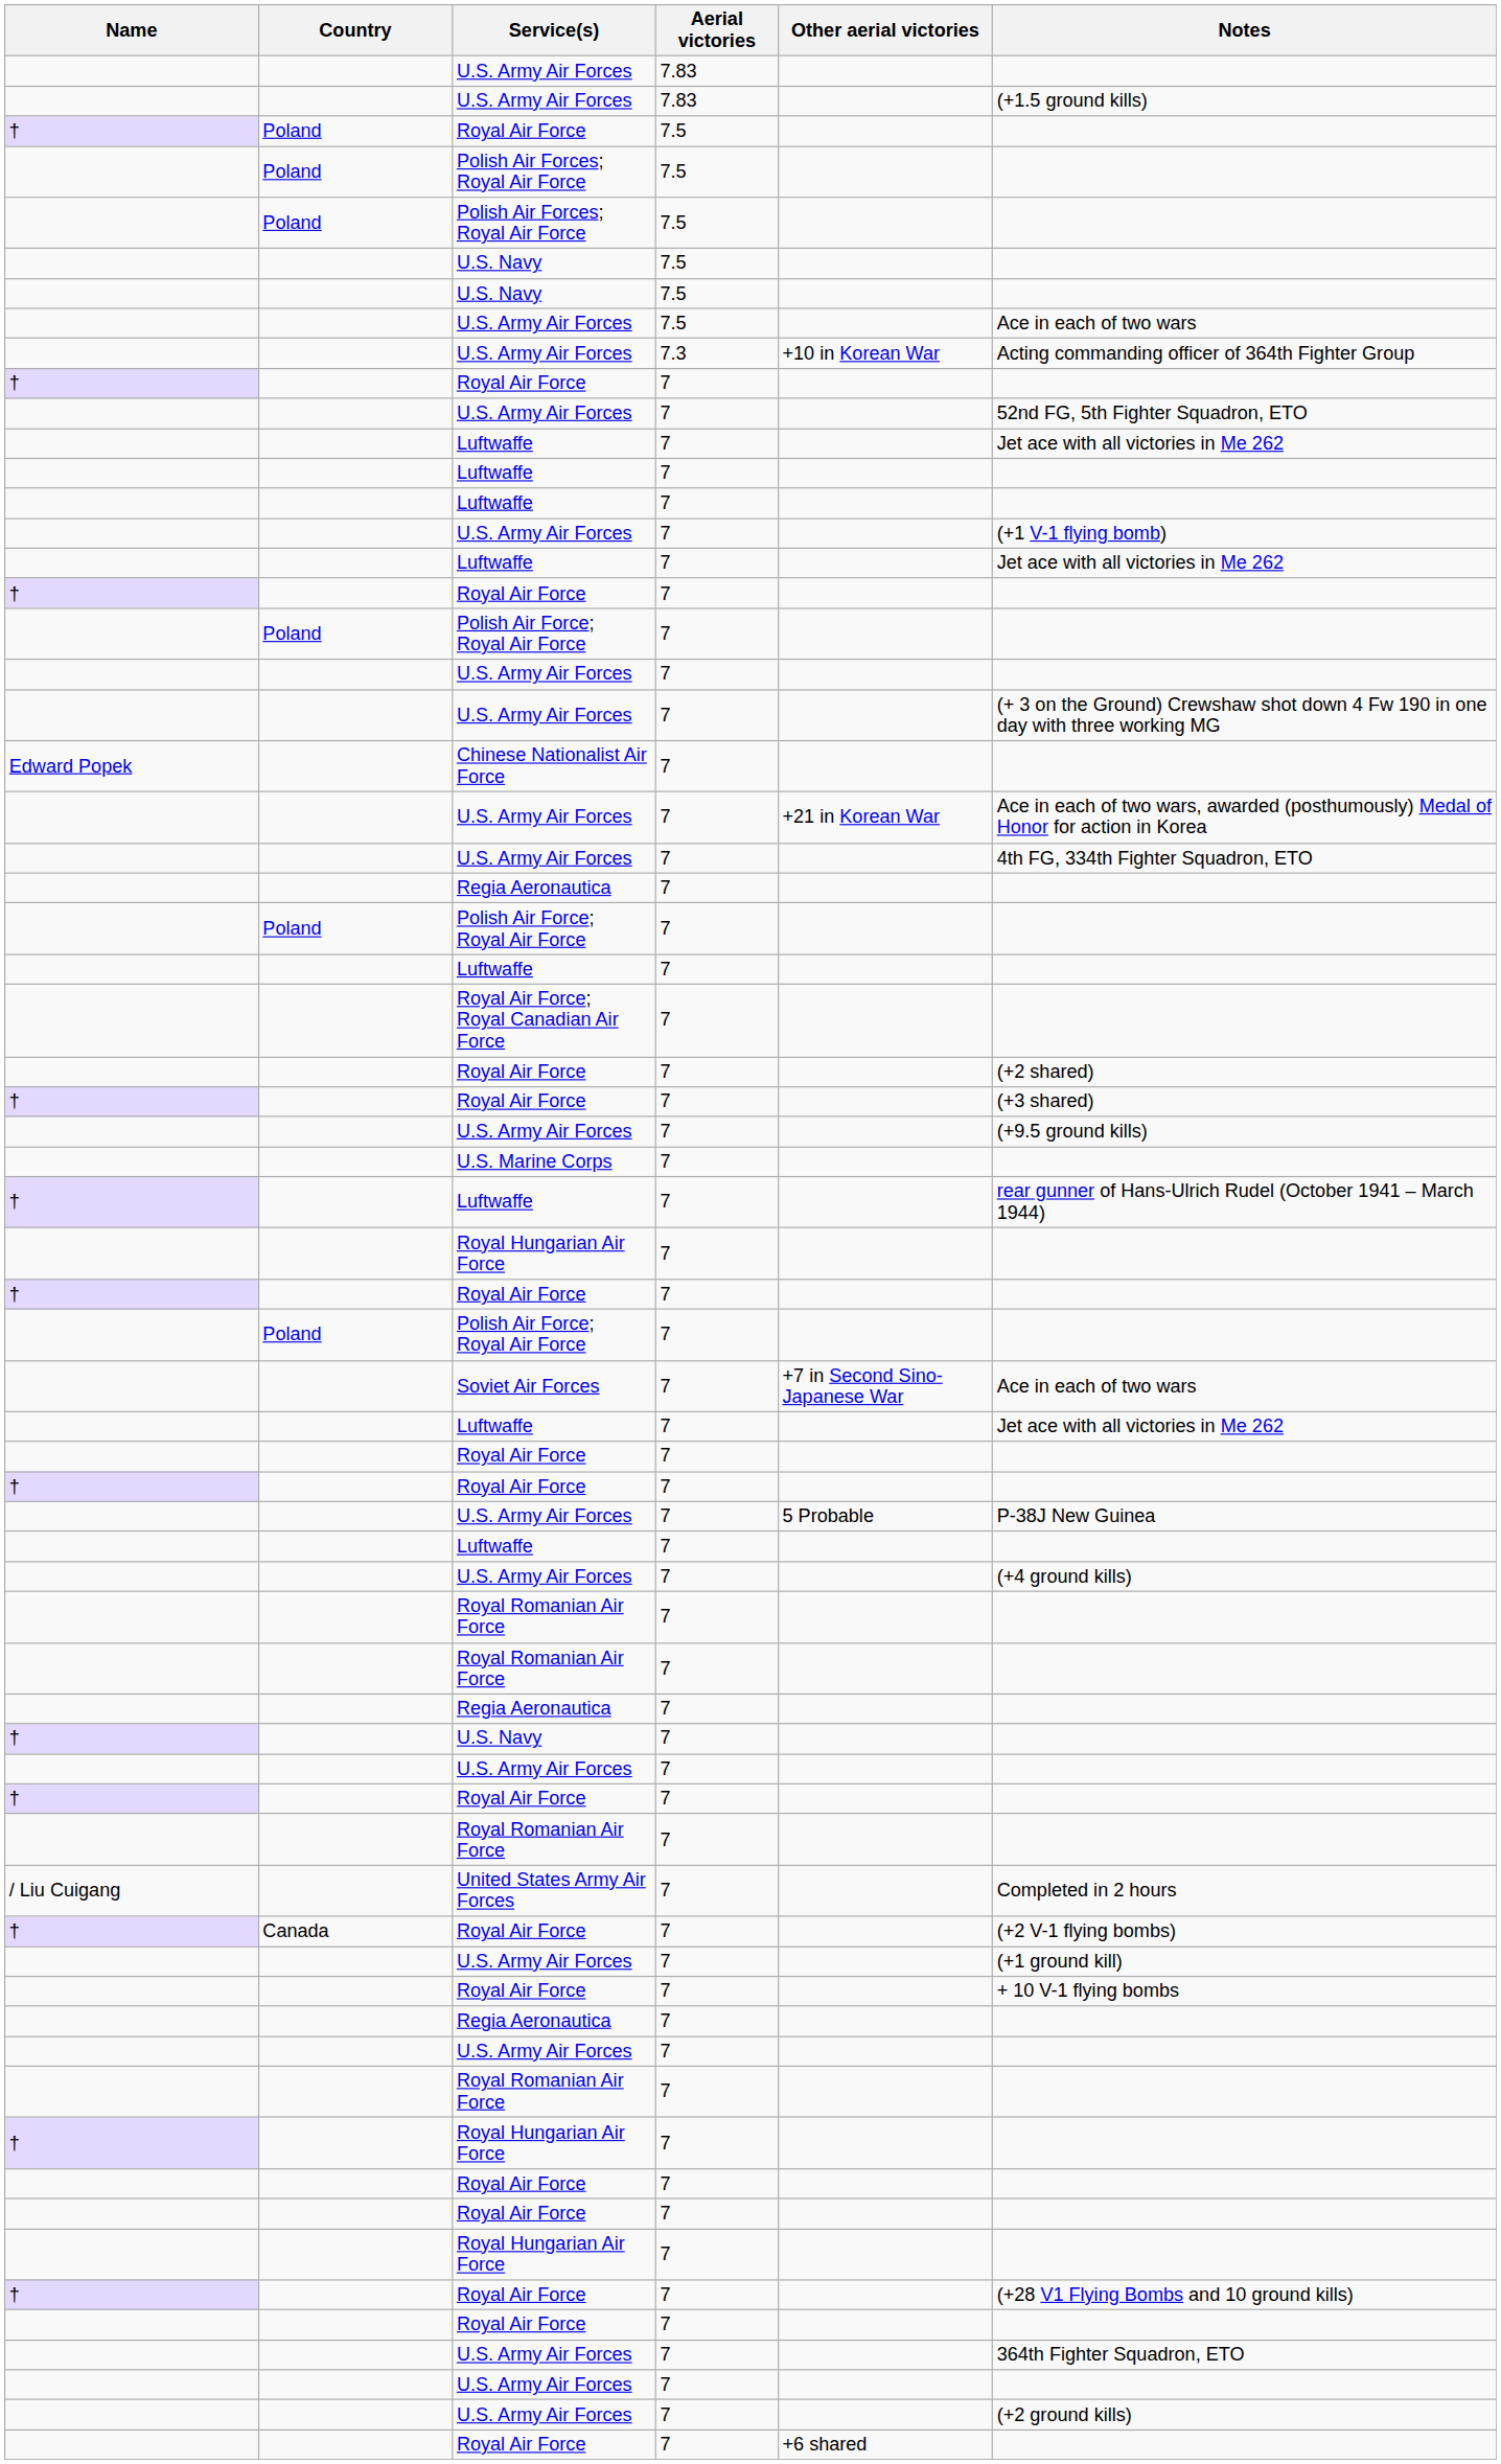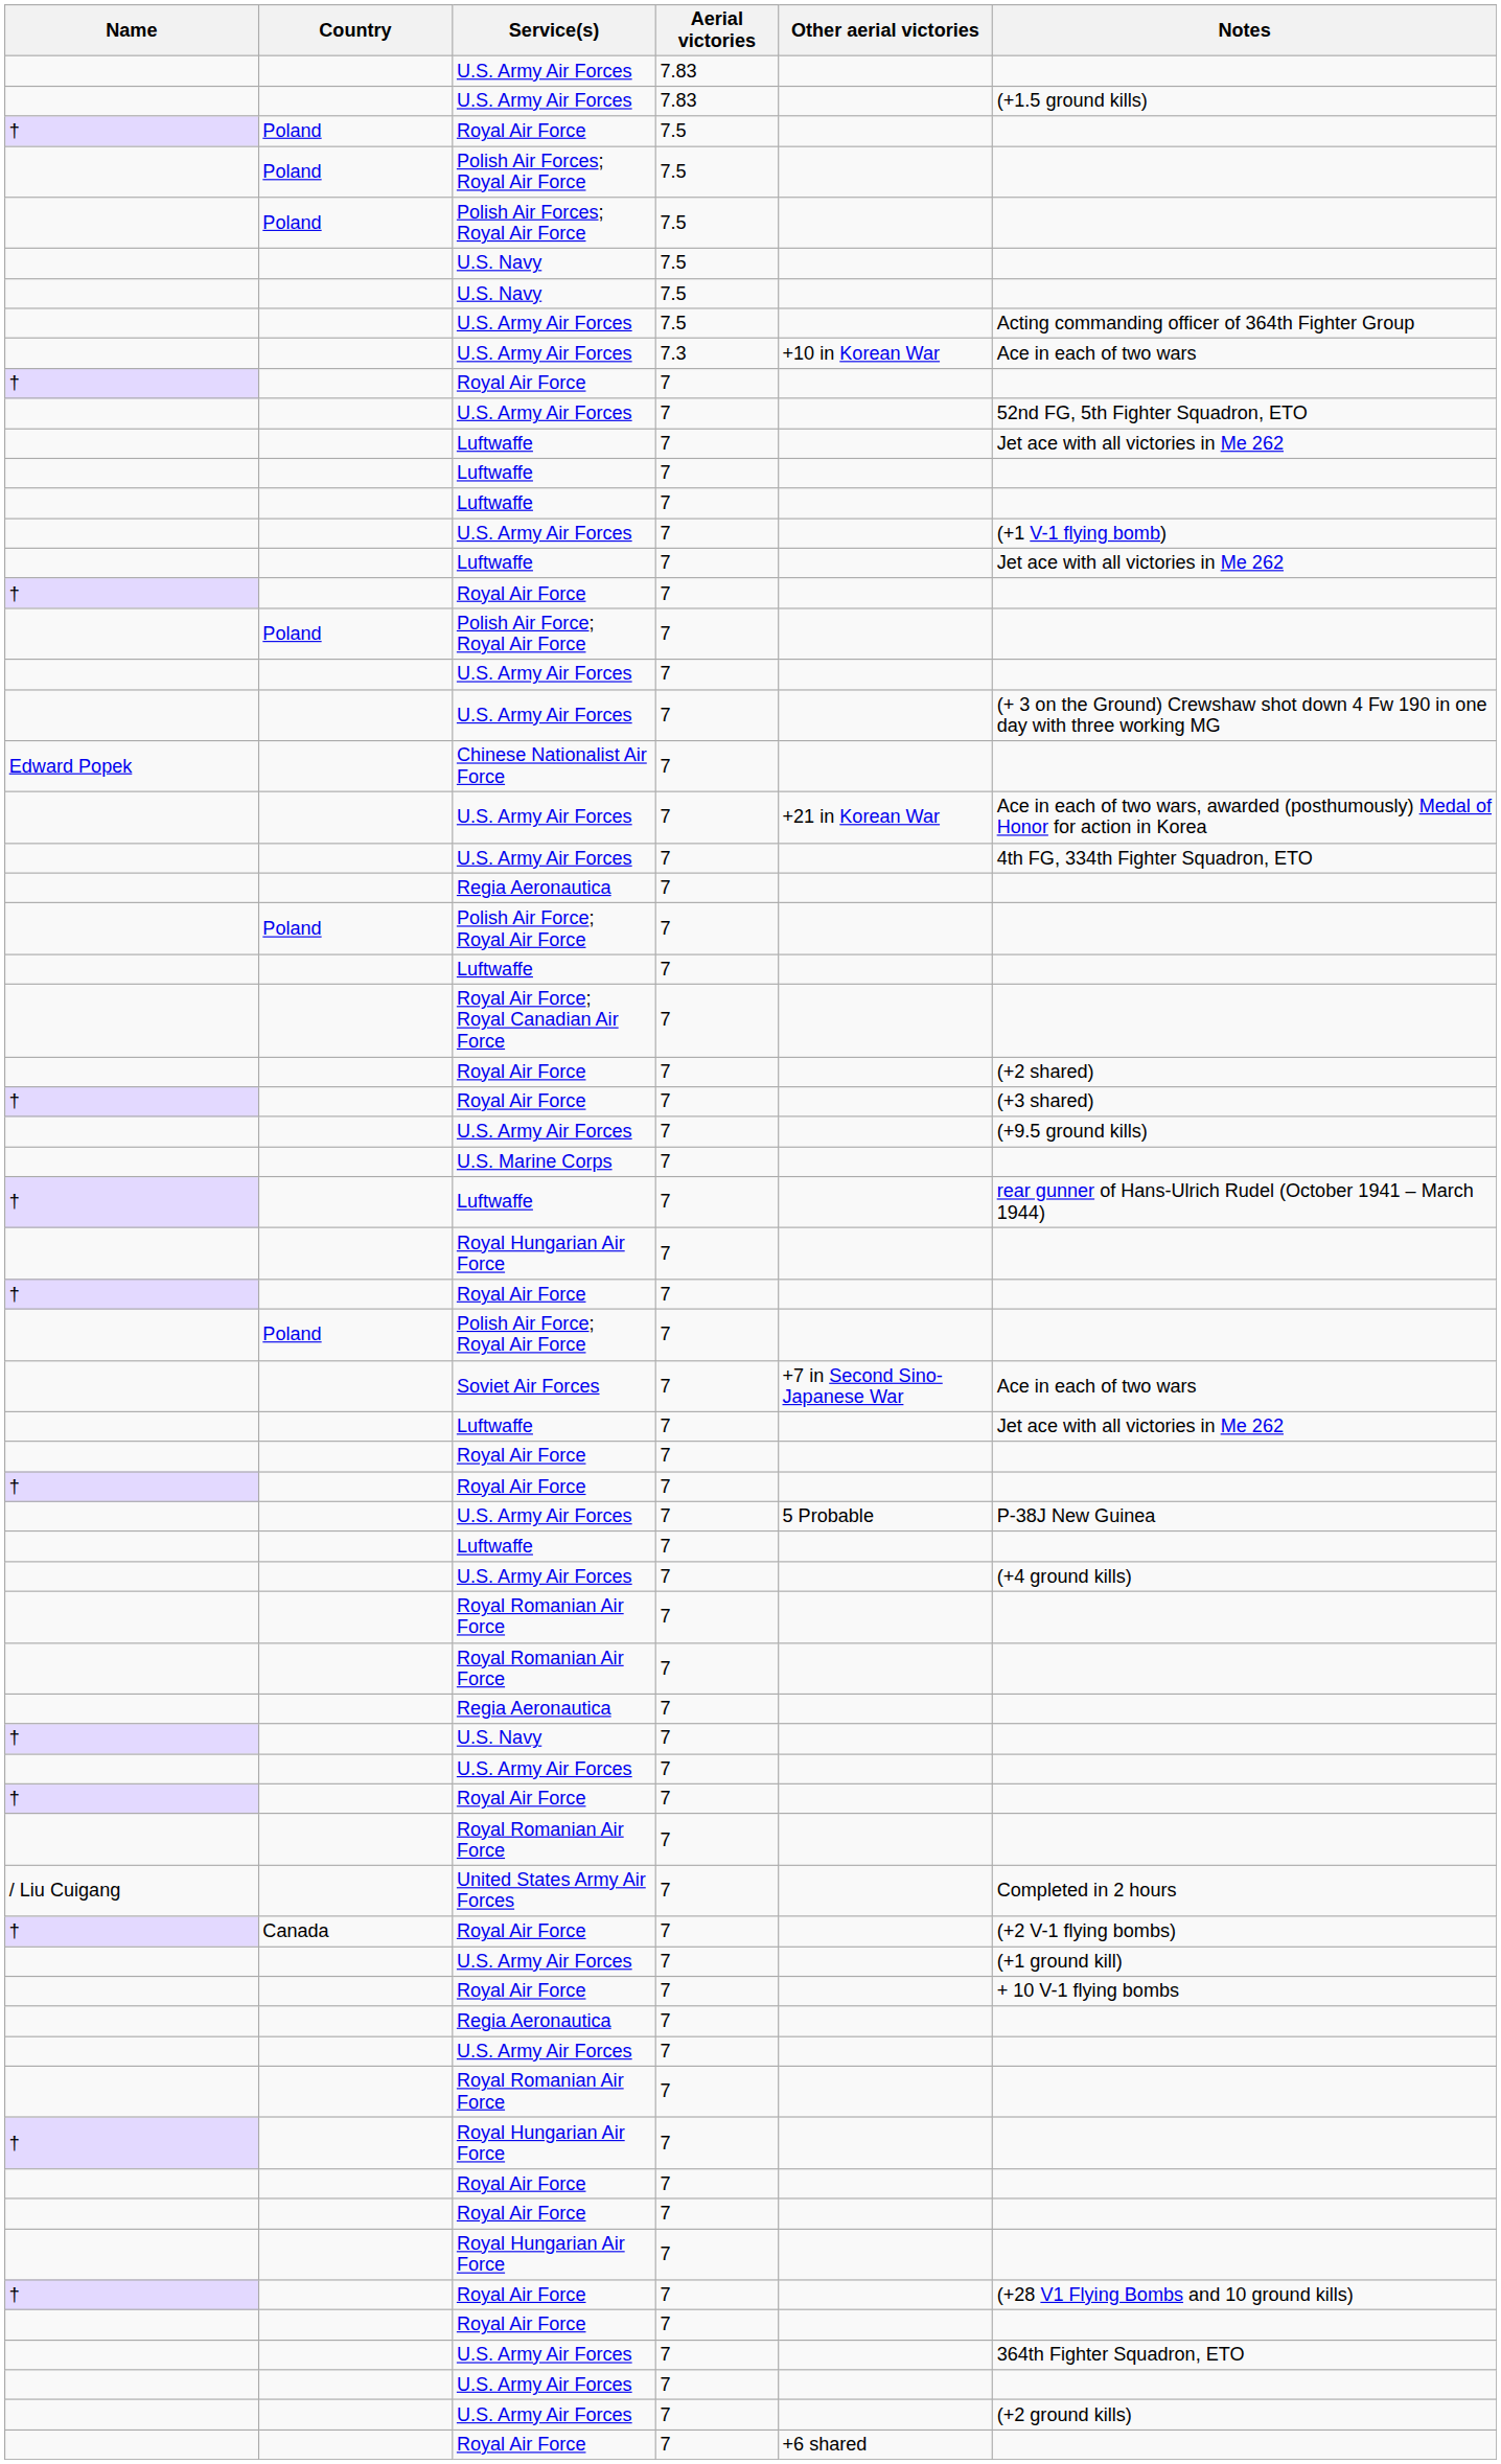 <table class="wikitable sortable sticky-header" style="width: 100%;">
 <tr>
 <th scope="col" style="width:17%;">Name</th>
 <th scope="col" style="width:13%;">Country</th>
 <th scope="col" class="unsortable">Service(s)</th>
 <th scope="col">Aerial victories</th>
 <th scope="col" class="unsortable">Other aerial victories</th>
 <th scope="col" class="unsortable">Notes</th>
 </tr>
 <tr>
 <td></td>
 <td></td>
 <td><a href='#'>U.S. Army Air Forces</a></td>
 <td>7.83</td>
 <td></td>
 <td></td>
 </tr>
 <tr>
 <td></td>
 <td></td>
 <td><a href='#'>U.S. Army Air Forces</a></td>
 <td>7.83</td>
 <td></td>
 <td>(+1.5 ground kills)</td>
 </tr>
 <tr>
 <td style="background:#e3d9ff;"> †</td>
 <td> <a href='#'>Poland</a></td>
 <td><a href='#'>Royal Air Force</a></td>
 <td>7.5</td>
 <td></td>
 <td></td>
 </tr>
 <tr>
 <td></td>
 <td> <a href='#'>Poland</a></td>
 <td><a href='#'>Polish Air Forces</a>;<br><a href='#'>Royal Air Force</a></td>
 <td>7.5</td>
 <td></td>
 <td></td>
 </tr>
 <tr>
 <td></td>
 <td> <a href='#'>Poland</a></td>
 <td><a href='#'>Polish Air Forces</a>;<br><a href='#'>Royal Air Force</a></td>
 <td>7.5</td>
 <td></td>
 <td></td>
 </tr>
 <tr>
 <td></td>
 <td></td>
 <td><a href='#'>U.S. Navy</a></td>
 <td>7.5</td>
 <td></td>
 <td></td>
 </tr>
 <tr>
 <td></td>
 <td></td>
 <td><a href='#'>U.S. Navy</a></td>
 <td>7.5</td>
 <td></td>
 <td></td>
 </tr>
 <tr>
 <td></td>
 <td></td>
 <td><a href='#'>U.S. Army Air Forces</a></td>
 <td>7.5</td>
 <td></td>
-<td>Ace in each of two wars</td>
+<td>Acting commanding officer of 364th Fighter Group</td>
 </tr>
 <tr>
 <td></td>
 <td></td>
 <td><a href='#'>U.S. Army Air Forces</a></td>
 <td>7.3</td>
 <td>+10 in <a href='#'>Korean War</a></td>
-<td>Acting commanding officer of 364th Fighter Group</td>
+<td>Ace in each of two wars</td>
 </tr>
 <tr>
 <td style="background:#e3d9ff;"> †</td>
 <td></td>
 <td><a href='#'>Royal Air Force</a></td>
 <td>7</td>
 <td></td>
 <td></td>
 </tr>
 <tr>
 <td></td>
 <td></td>
 <td><a href='#'>U.S. Army Air Forces</a></td>
 <td>7</td>
 <td></td>
 <td>52nd FG, 5th Fighter Squadron, ETO</td>
 </tr>
 <tr>
 <td></td>
 <td></td>
 <td><a href='#'>Luftwaffe</a></td>
 <td>7</td>
 <td></td>
 <td>Jet ace with all victories in <a href='#'>Me 262</a></td>
 </tr>
 <tr>
 <td></td>
 <td></td>
 <td><a href='#'>Luftwaffe</a></td>
 <td>7</td>
 <td></td>
 <td></td>
 </tr>
 <tr>
 <td></td>
 <td></td>
 <td><a href='#'>Luftwaffe</a></td>
 <td>7</td>
 <td></td>
 <td></td>
 </tr>
 <tr>
 <td></td>
 <td><br></td>
 <td><a href='#'>U.S. Army Air Forces</a></td>
 <td>7</td>
 <td></td>
 <td>(+1 <a href='#'>V-1 flying bomb</a>)</td>
 </tr>
 <tr>
 <td></td>
 <td></td>
 <td><a href='#'>Luftwaffe</a></td>
 <td>7</td>
 <td></td>
 <td>Jet ace with all victories in <a href='#'>Me 262</a></td>
 </tr>
 <tr>
 <td style="background:#e3d9ff;"> †</td>
 <td></td>
 <td><a href='#'>Royal Air Force</a></td>
 <td>7</td>
 <td></td>
 <td></td>
 </tr>
 <tr>
 <td></td>
 <td> <a href='#'>Poland</a></td>
 <td><a href='#'>Polish Air Force</a>;<br><a href='#'>Royal Air Force</a></td>
 <td>7</td>
 <td></td>
 <td></td>
 </tr>
 <tr>
 <td></td>
 <td></td>
 <td><a href='#'>U.S. Army Air Forces</a></td>
 <td>7</td>
 <td></td>
 <td></td>
 </tr>
 <tr>
 <td></td>
 <td></td>
 <td><a href='#'>U.S. Army Air Forces</a></td>
 <td>7</td>
 <td></td>
 <td>(+ 3 on the Ground) Crewshaw shot down 4 Fw 190 in one day with three working MG</td>
 </tr>
 <tr>
 <td><a href='#'>Edward Popek</a></td>
 <td></td>
 <td><a href='#'>Chinese Nationalist Air Force</a></td>
 <td>7</td>
 <td></td>
 <td></td>
 </tr>
 <tr>
 <td></td>
 <td></td>
 <td><a href='#'>U.S. Army Air Forces</a></td>
 <td>7</td>
 <td>+21 in <a href='#'>Korean War</a></td>
 <td>Ace in each of two wars, awarded (posthumously) <a href='#'>Medal of Honor</a> for action in Korea</td>
 </tr>
 <tr>
 <td></td>
 <td></td>
 <td><a href='#'>U.S. Army Air Forces</a></td>
 <td>7</td>
 <td></td>
 <td>4th FG, 334th Fighter Squadron, ETO</td>
 </tr>
 <tr>
 <td></td>
 <td></td>
 <td><a href='#'>Regia Aeronautica</a></td>
 <td>7</td>
 <td></td>
 <td></td>
 </tr>
 <tr>
 <td></td>
 <td> <a href='#'>Poland</a></td>
 <td><a href='#'>Polish Air Force</a>;<br><a href='#'>Royal Air Force</a></td>
 <td>7</td>
 <td></td>
 <td></td>
 </tr>
 <tr>
 <td></td>
 <td></td>
 <td><a href='#'>Luftwaffe</a></td>
 <td>7</td>
 <td></td>
 <td></td>
 </tr>
 <tr>
 <td></td>
 <td><br></td>
 <td><a href='#'>Royal Air Force</a>;<br><a href='#'>Royal Canadian Air Force</a></td>
 <td>7</td>
 <td></td>
 <td></td>
 </tr>
 <tr>
 <td></td>
 <td></td>
 <td><a href='#'>Royal Air Force</a></td>
 <td>7</td>
 <td></td>
 <td>(+2 shared)</td>
 </tr>
 <tr>
 <td style="background:#e3d9ff;"> †</td>
 <td></td>
 <td><a href='#'>Royal Air Force</a></td>
 <td>7</td>
 <td></td>
 <td>(+3 shared)</td>
 </tr>
 <tr>
 <td></td>
 <td></td>
 <td><a href='#'>U.S. Army Air Forces</a></td>
 <td>7</td>
 <td></td>
 <td>(+9.5 ground kills)</td>
 </tr>
 <tr>
 <td></td>
 <td></td>
 <td><a href='#'>U.S. Marine Corps</a></td>
 <td>7</td>
 <td></td>
 <td></td>
 </tr>
 <tr>
 <td style="background:#e3d9ff;"> †</td>
 <td></td>
 <td><a href='#'>Luftwaffe</a></td>
 <td>7</td>
 <td></td>
 <td><a href='#'>rear gunner</a> of Hans-Ulrich Rudel (October 1941 – March 1944)</td>
 </tr>
 <tr>
 <td></td>
 <td></td>
 <td><a href='#'>Royal Hungarian Air Force</a></td>
 <td>7</td>
 <td></td>
 <td></td>
 </tr>
 <tr>
 <td style="background:#e3d9ff;"> †</td>
 <td></td>
 <td><a href='#'>Royal Air Force</a></td>
 <td>7</td>
 <td></td>
 <td></td>
 </tr>
 <tr>
 <td></td>
 <td> <a href='#'>Poland</a></td>
 <td><a href='#'>Polish Air Force</a>;<br><a href='#'>Royal Air Force</a></td>
 <td>7</td>
 <td></td>
 <td></td>
 </tr>
 <tr>
 <td></td>
 <td></td>
 <td><a href='#'>Soviet Air Forces</a></td>
 <td>7</td>
 <td>+7 in <a href='#'>Second Sino-Japanese War</a></td>
 <td>Ace in each of two wars</td>
 </tr>
 <tr>
 <td></td>
 <td></td>
 <td><a href='#'>Luftwaffe</a></td>
 <td>7</td>
 <td></td>
 <td>Jet ace with all victories in <a href='#'>Me 262</a></td>
 </tr>
 <tr>
 <td></td>
 <td></td>
 <td><a href='#'>Royal Air Force</a></td>
 <td>7</td>
 <td></td>
 <td></td>
 </tr>
 <tr>
 <td style="background:#e3d9ff;"> †</td>
 <td></td>
 <td><a href='#'>Royal Air Force</a></td>
 <td>7</td>
 <td></td>
 <td></td>
 </tr>
 <tr>
 <td></td>
 <td></td>
 <td><a href='#'>U.S. Army Air Forces</a></td>
 <td>7</td>
 <td>5 Probable</td>
 <td>P-38J New Guinea</td>
 </tr>
 <tr>
 <td></td>
 <td></td>
 <td><a href='#'>Luftwaffe</a></td>
 <td>7</td>
 <td></td>
 <td></td>
 </tr>
 <tr>
 <td></td>
 <td></td>
 <td><a href='#'>U.S. Army Air Forces</a></td>
 <td>7</td>
 <td></td>
 <td>(+4 ground kills)</td>
 </tr>
 <tr>
 <td></td>
 <td></td>
 <td><a href='#'>Royal Romanian Air Force</a></td>
 <td>7</td>
 <td></td>
 <td></td>
 </tr>
 <tr>
 <td></td>
 <td></td>
 <td><a href='#'>Royal Romanian Air Force</a></td>
 <td>7</td>
 <td></td>
 <td></td>
 </tr>
 <tr>
 <td></td>
 <td></td>
 <td><a href='#'>Regia Aeronautica</a></td>
 <td>7</td>
 <td></td>
 <td></td>
 </tr>
 <tr>
 <td style="background:#e3d9ff;"> †</td>
 <td></td>
 <td><a href='#'>U.S. Navy</a></td>
 <td>7</td>
 <td></td>
 <td></td>
 </tr>
 <tr>
 <td></td>
 <td></td>
 <td><a href='#'>U.S. Army Air Forces</a></td>
 <td>7</td>
 <td></td>
 <td></td>
 </tr>
 <tr>
 <td style="background:#e3d9ff;"> †</td>
 <td></td>
 <td><a href='#'>Royal Air Force</a></td>
 <td>7</td>
 <td></td>
 <td></td>
 </tr>
 <tr>
 <td></td>
 <td></td>
 <td><a href='#'>Royal Romanian Air Force</a></td>
 <td>7</td>
 <td></td>
 <td></td>
 </tr>
 <tr>
 <td> / Liu Cuigang</td>
 <td></td>
 <td><a href='#'>United States Army Air Forces</a></td>
 <td>7</td>
 <td></td>
 <td>Completed in 2 hours</td>
 </tr>
 <tr>
 <td style="background:#e3d9ff;"> †</td>
 <td> Canada</td>
 <td><a href='#'>Royal Air Force</a></td>
 <td>7</td>
 <td></td>
 <td>(+2 V-1 flying bombs)</td>
 </tr>
 <tr>
 <td></td>
 <td></td>
 <td><a href='#'>U.S. Army Air Forces</a></td>
 <td>7</td>
 <td></td>
 <td>(+1 ground kill)</td>
 </tr>
 <tr>
 <td></td>
 <td></td>
 <td><a href='#'>Royal Air Force</a></td>
 <td>7</td>
 <td></td>
 <td>+ 10 V-1 flying bombs</td>
 </tr>
 <tr>
 <td></td>
 <td></td>
 <td><a href='#'>Regia Aeronautica</a></td>
 <td>7</td>
 <td></td>
 <td></td>
 </tr>
 <tr>
 <td></td>
 <td></td>
 <td><a href='#'>U.S. Army Air Forces</a></td>
 <td>7</td>
 <td></td>
 <td></td>
 </tr>
 <tr>
 <td></td>
 <td></td>
 <td><a href='#'>Royal Romanian Air Force</a></td>
 <td>7</td>
 <td></td>
 <td></td>
 </tr>
 <tr>
 <td style="background:#e3d9ff;"> †</td>
 <td></td>
 <td><a href='#'>Royal Hungarian Air Force</a></td>
 <td>7</td>
 <td></td>
 <td></td>
 </tr>
 <tr>
 <td></td>
 <td></td>
 <td><a href='#'>Royal Air Force</a></td>
 <td>7</td>
 <td></td>
 <td></td>
 </tr>
 <tr>
 <td></td>
 <td></td>
 <td><a href='#'>Royal Air Force</a></td>
 <td>7</td>
 <td></td>
 <td></td>
 </tr>
 <tr>
 <td></td>
 <td></td>
 <td><a href='#'>Royal Hungarian Air Force</a></td>
 <td>7</td>
 <td></td>
 <td></td>
 </tr>
 <tr>
 <td style="background:#e3d9ff;"> †</td>
 <td></td>
 <td><a href='#'>Royal Air Force</a></td>
 <td>7</td>
 <td></td>
 <td>(+28 <a href='#'>V1 Flying Bombs</a> and 10 ground kills)</td>
 </tr>
 <tr>
 <td></td>
 <td></td>
 <td><a href='#'>Royal Air Force</a></td>
 <td>7</td>
 <td></td>
 <td></td>
 </tr>
 <tr>
 <td></td>
 <td></td>
 <td><a href='#'>U.S. Army Air Forces</a></td>
 <td>7</td>
 <td></td>
 <td>364th Fighter Squadron, ETO</td>
 </tr>
 <tr>
 <td></td>
 <td></td>
 <td><a href='#'>U.S. Army Air Forces</a></td>
 <td>7</td>
 <td></td>
 <td></td>
 </tr>
 <tr>
 <td></td>
 <td></td>
 <td><a href='#'>U.S. Army Air Forces</a></td>
 <td>7</td>
 <td></td>
 <td>(+2 ground kills)</td>
 </tr>
 <tr>
 <td></td>
 <td></td>
 <td><a href='#'>Royal Air Force</a></td>
 <td>7</td>
 <td>+6 shared</td>
 <td></td>
 </tr>
 </table>
